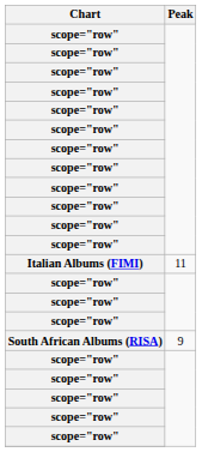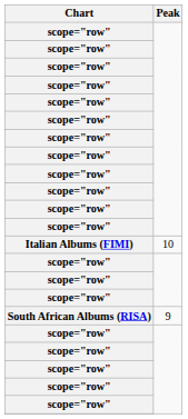 <table class="wikitable sortable plainrowheaders" style="text-align:center">
 <tr>
 <th scope="col">Chart</th>
 <th scope="col">Peak</th>
 </tr>
 <tr>
 <th>scope="row"</th>
 </tr>
 <tr>
 <th>scope="row"</th>
 </tr>
 <tr>
 <th>scope="row"</th>
 </tr>
 <tr>
 <th>scope="row"</th>
 </tr>
 <tr>
 <th>scope="row"</th>
 </tr>
 <tr>
 <th>scope="row"</th>
 </tr>
 <tr>
 <th>scope="row"</th>
 </tr>
 <tr>
 <th>scope="row"</th>
 </tr>
 <tr>
 <th>scope="row"</th>
 </tr>
 <tr>
 <th>scope="row"</th>
 </tr>
 <tr>
 <th>scope="row"</th>
 </tr>
 <tr>
 <th>scope="row"</th>
 </tr>
 <tr>
 <th scope="row">Italian Albums (<a href='#'>FIMI</a>)</th>
-<td style="text-align:center;">11</td>
+<td style="text-align:center;">10</td>
 </tr>
 <tr>
 <th>scope="row"</th>
 </tr>
 <tr>
 <th>scope="row"</th>
 </tr>
 <tr>
 <th>scope="row"</th>
 </tr>
 <tr>
 <th scope="row">South African Albums (<a href='#'>RISA</a>)</th>
 <td style="text-align:center;">9</td>
 </tr>
 <tr>
 <th>scope="row"</th>
 </tr>
 <tr>
 <th>scope="row"</th>
 </tr>
 <tr>
 <th>scope="row"</th>
 </tr>
 <tr>
 <th>scope="row"</th>
 </tr>
 <tr>
 <th>scope="row"</th>
 </tr>
 <tr>
 </tr>
 </table>
